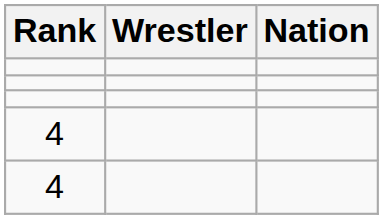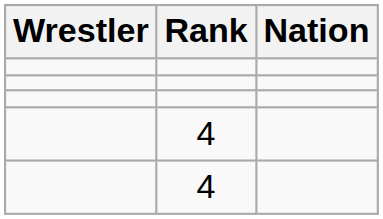 <table class="wikitable sortable">
 <tr>
+<th>Wrestler</th>
 <th>Rank</th>
-<th>Wrestler</th>
 <th>Nation</th>
 </tr>
 <tr>
+<td></td>
 <td align=center></td>
-<td></td>
 <td></td>
 </tr>
 <tr>
+<td></td>
 <td align=center></td>
-<td></td>
 <td></td>
 </tr>
 <tr>
+<td></td>
 <td align=center></td>
-<td></td>
 <td></td>
 </tr>
 <tr>
+<td></td>
 <td align=center>4</td>
-<td></td>
 <td></td>
 </tr>
 <tr>
+<td></td>
 <td align=center>4</td>
-<td></td>
 <td></td>
 </tr>
 </table>
